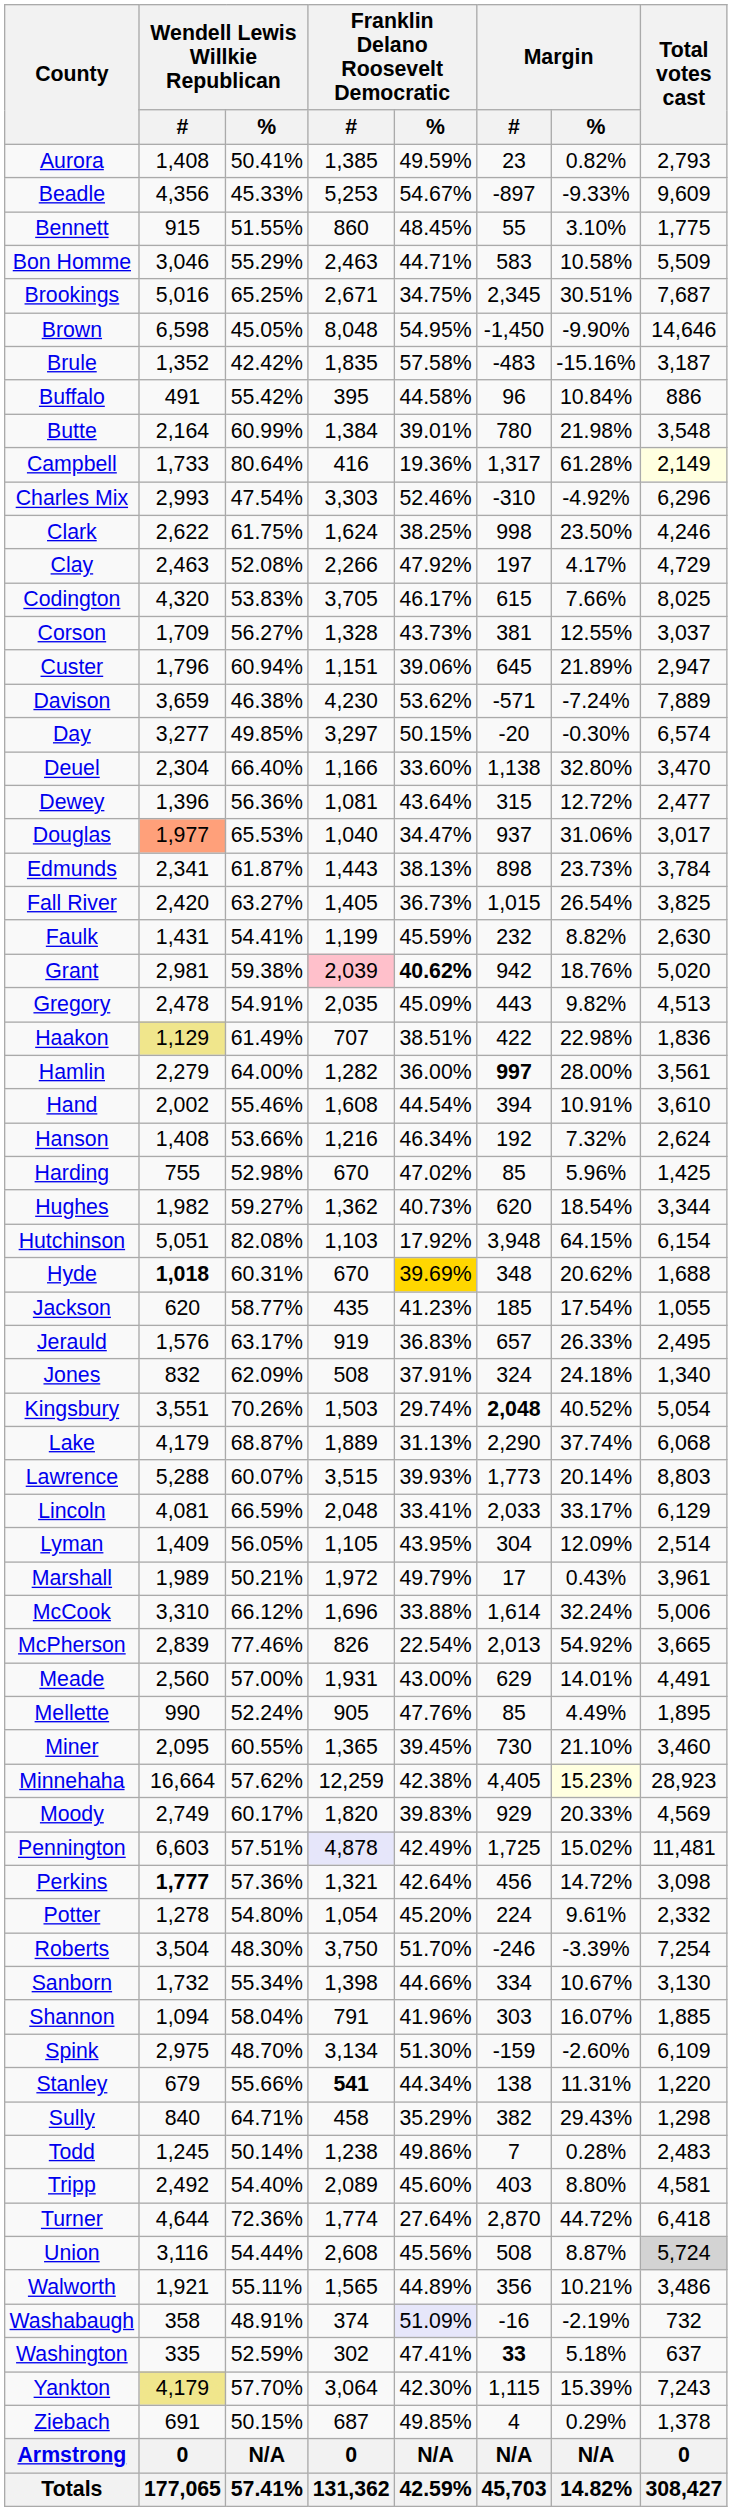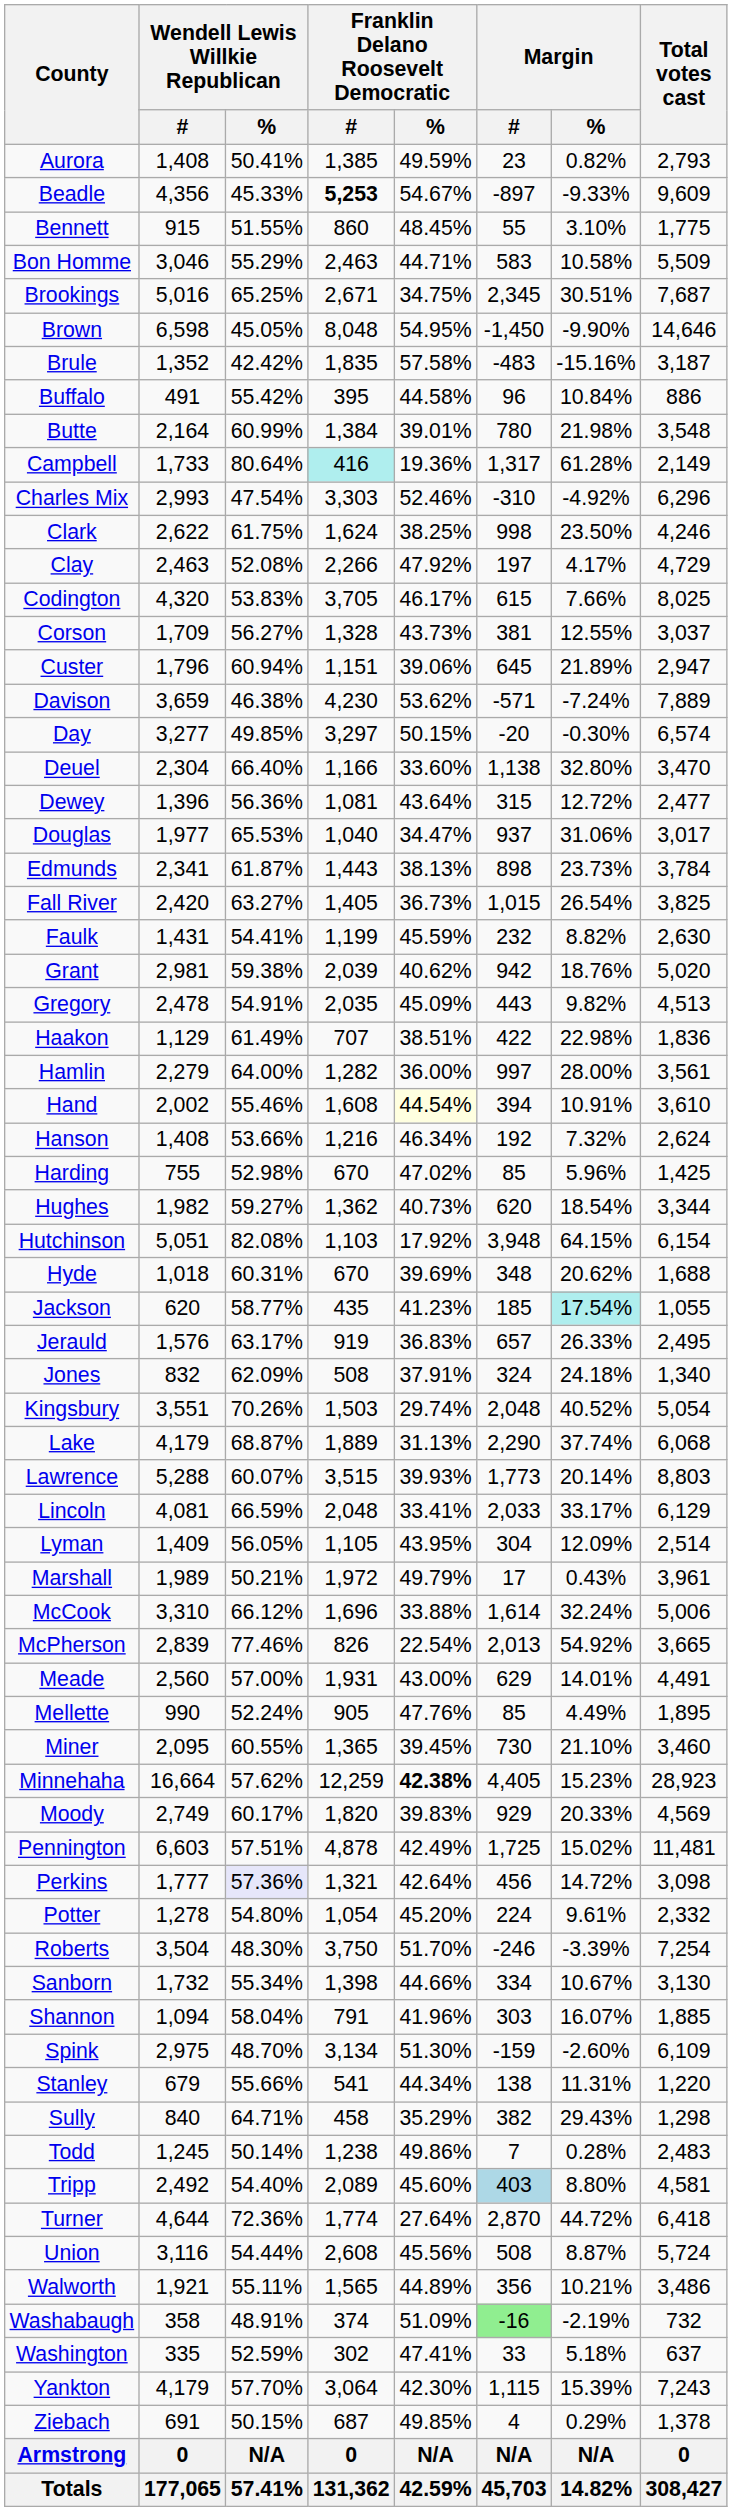 <table class="wikitable sortable" width="65%">
 <tr>
 <th rowspan="2">County</th>
 <th colspan="2">Wendell Lewis Willkie<br>Republican</th>
 <th colspan="2">Franklin Delano Roosevelt<br>Democratic</th>
 <th colspan="2">Margin</th>
 <th rowspan="2">Total votes cast</th>
 </tr>
 <tr style="text-align:center;">
 <th data-sort-type="number">#</th>
 <th data-sort-type="number">%</th>
 <th data-sort-type="number">#</th>
 <th data-sort-type="number">%</th>
 <th data-sort-type="number">#</th>
 <th data-sort-type="number">%</th>
 </tr>
 <tr style="text-align:center;">
 <td><a href='#'>Aurora</a></td>
 <td>1,408</td>
 <td>50.41%</td>
 <td>1,385</td>
 <td>49.59%</td>
 <td>23</td>
 <td>0.82%</td>
 <td>2,793</td>
 </tr>
 <tr style="text-align:center;">
 <td><a href='#'>Beadle</a></td>
 <td>4,356</td>
 <td>45.33%</td>
-<td>5,253</td>
+<td><strong>5,253</strong></td>
 <td>54.67%</td>
 <td>-897</td>
 <td>-9.33%</td>
 <td>9,609</td>
 </tr>
 <tr style="text-align:center;">
 <td><a href='#'>Bennett</a></td>
 <td>915</td>
 <td>51.55%</td>
 <td>860</td>
 <td>48.45%</td>
 <td>55</td>
 <td>3.10%</td>
 <td>1,775</td>
 </tr>
 <tr style="text-align:center;">
 <td><a href='#'>Bon Homme</a></td>
 <td>3,046</td>
 <td>55.29%</td>
 <td>2,463</td>
 <td>44.71%</td>
 <td>583</td>
 <td>10.58%</td>
 <td>5,509</td>
 </tr>
 <tr style="text-align:center;">
 <td><a href='#'>Brookings</a></td>
 <td>5,016</td>
 <td>65.25%</td>
 <td>2,671</td>
 <td>34.75%</td>
 <td>2,345</td>
 <td>30.51%</td>
 <td>7,687</td>
 </tr>
 <tr style="text-align:center;">
 <td><a href='#'>Brown</a></td>
 <td>6,598</td>
 <td>45.05%</td>
 <td>8,048</td>
 <td>54.95%</td>
 <td>-1,450</td>
 <td>-9.90%</td>
 <td>14,646</td>
 </tr>
 <tr style="text-align:center;">
 <td><a href='#'>Brule</a></td>
 <td>1,352</td>
 <td>42.42%</td>
 <td>1,835</td>
 <td>57.58%</td>
 <td>-483</td>
 <td>-15.16%</td>
 <td>3,187</td>
 </tr>
 <tr style="text-align:center;">
 <td><a href='#'>Buffalo</a></td>
 <td>491</td>
 <td>55.42%</td>
 <td>395</td>
 <td>44.58%</td>
 <td>96</td>
 <td>10.84%</td>
 <td>886</td>
 </tr>
 <tr style="text-align:center;">
 <td><a href='#'>Butte</a></td>
 <td>2,164</td>
 <td>60.99%</td>
 <td>1,384</td>
 <td>39.01%</td>
 <td>780</td>
 <td>21.98%</td>
 <td>3,548</td>
 </tr>
 <tr style="text-align:center;">
 <td><a href='#'>Campbell</a></td>
 <td>1,733</td>
 <td>80.64%</td>
-<td>416</td>
+<td style="background: paleturquoise;">416</td>
 <td>19.36%</td>
 <td>1,317</td>
 <td>61.28%</td>
-<td style="background: lightyellow;">2,149</td>
+<td>2,149</td>
 </tr>
 <tr style="text-align:center;">
 <td><a href='#'>Charles Mix</a></td>
 <td>2,993</td>
 <td>47.54%</td>
 <td>3,303</td>
 <td>52.46%</td>
 <td>-310</td>
 <td>-4.92%</td>
 <td>6,296</td>
 </tr>
 <tr style="text-align:center;">
 <td><a href='#'>Clark</a></td>
 <td>2,622</td>
 <td>61.75%</td>
 <td>1,624</td>
 <td>38.25%</td>
 <td>998</td>
 <td>23.50%</td>
 <td>4,246</td>
 </tr>
 <tr style="text-align:center;">
 <td><a href='#'>Clay</a></td>
 <td>2,463</td>
 <td>52.08%</td>
 <td>2,266</td>
 <td>47.92%</td>
 <td>197</td>
 <td>4.17%</td>
 <td>4,729</td>
 </tr>
 <tr style="text-align:center;">
 <td><a href='#'>Codington</a></td>
 <td>4,320</td>
 <td>53.83%</td>
 <td>3,705</td>
 <td>46.17%</td>
 <td>615</td>
 <td>7.66%</td>
 <td>8,025</td>
 </tr>
 <tr style="text-align:center;">
 <td><a href='#'>Corson</a></td>
 <td>1,709</td>
 <td>56.27%</td>
 <td>1,328</td>
 <td>43.73%</td>
 <td>381</td>
 <td>12.55%</td>
 <td>3,037</td>
 </tr>
 <tr style="text-align:center;">
 <td><a href='#'>Custer</a></td>
 <td>1,796</td>
 <td>60.94%</td>
 <td>1,151</td>
 <td>39.06%</td>
 <td>645</td>
 <td>21.89%</td>
 <td>2,947</td>
 </tr>
 <tr style="text-align:center;">
 <td><a href='#'>Davison</a></td>
 <td>3,659</td>
 <td>46.38%</td>
 <td>4,230</td>
 <td>53.62%</td>
 <td>-571</td>
 <td>-7.24%</td>
 <td>7,889</td>
 </tr>
 <tr style="text-align:center;">
 <td><a href='#'>Day</a></td>
 <td>3,277</td>
 <td>49.85%</td>
 <td>3,297</td>
 <td>50.15%</td>
 <td>-20</td>
 <td>-0.30%</td>
 <td>6,574</td>
 </tr>
 <tr style="text-align:center;">
 <td><a href='#'>Deuel</a></td>
 <td>2,304</td>
 <td>66.40%</td>
 <td>1,166</td>
 <td>33.60%</td>
 <td>1,138</td>
 <td>32.80%</td>
 <td>3,470</td>
 </tr>
 <tr style="text-align:center;">
 <td><a href='#'>Dewey</a></td>
 <td>1,396</td>
 <td>56.36%</td>
 <td>1,081</td>
 <td>43.64%</td>
 <td>315</td>
 <td>12.72%</td>
 <td>2,477</td>
 </tr>
 <tr style="text-align:center;">
 <td><a href='#'>Douglas</a></td>
-<td style="background: lightsalmon;">1,977</td>
+<td>1,977</td>
 <td>65.53%</td>
 <td>1,040</td>
 <td>34.47%</td>
 <td>937</td>
 <td>31.06%</td>
 <td>3,017</td>
 </tr>
 <tr style="text-align:center;">
 <td><a href='#'>Edmunds</a></td>
 <td>2,341</td>
 <td>61.87%</td>
 <td>1,443</td>
 <td>38.13%</td>
 <td>898</td>
 <td>23.73%</td>
 <td>3,784</td>
 </tr>
 <tr style="text-align:center;">
 <td><a href='#'>Fall River</a></td>
 <td>2,420</td>
 <td>63.27%</td>
 <td>1,405</td>
 <td>36.73%</td>
 <td>1,015</td>
 <td>26.54%</td>
 <td>3,825</td>
 </tr>
 <tr style="text-align:center;">
 <td><a href='#'>Faulk</a></td>
 <td>1,431</td>
 <td>54.41%</td>
 <td>1,199</td>
 <td>45.59%</td>
 <td>232</td>
 <td>8.82%</td>
 <td>2,630</td>
 </tr>
 <tr style="text-align:center;">
 <td><a href='#'>Grant</a></td>
 <td>2,981</td>
 <td>59.38%</td>
-<td style="background: pink;">2,039</td>
-<td><strong>40.62%</strong></td>
+<td>2,039</td>
+<td>40.62%</td>
 <td>942</td>
 <td>18.76%</td>
 <td>5,020</td>
 </tr>
 <tr style="text-align:center;">
 <td><a href='#'>Gregory</a></td>
 <td>2,478</td>
 <td>54.91%</td>
 <td>2,035</td>
 <td>45.09%</td>
 <td>443</td>
 <td>9.82%</td>
 <td>4,513</td>
 </tr>
 <tr style="text-align:center;">
 <td><a href='#'>Haakon</a></td>
-<td style="background: khaki;">1,129</td>
+<td>1,129</td>
 <td>61.49%</td>
 <td>707</td>
 <td>38.51%</td>
 <td>422</td>
 <td>22.98%</td>
 <td>1,836</td>
 </tr>
 <tr style="text-align:center;">
 <td><a href='#'>Hamlin</a></td>
 <td>2,279</td>
 <td>64.00%</td>
 <td>1,282</td>
 <td>36.00%</td>
-<td><strong>997</strong></td>
+<td>997</td>
 <td>28.00%</td>
 <td>3,561</td>
 </tr>
 <tr style="text-align:center;">
 <td><a href='#'>Hand</a></td>
 <td>2,002</td>
 <td>55.46%</td>
 <td>1,608</td>
-<td>44.54%</td>
+<td style="background: lightyellow;">44.54%</td>
 <td>394</td>
 <td>10.91%</td>
 <td>3,610</td>
 </tr>
 <tr style="text-align:center;">
 <td><a href='#'>Hanson</a></td>
 <td>1,408</td>
 <td>53.66%</td>
 <td>1,216</td>
 <td>46.34%</td>
 <td>192</td>
 <td>7.32%</td>
 <td>2,624</td>
 </tr>
 <tr style="text-align:center;">
 <td><a href='#'>Harding</a></td>
 <td>755</td>
 <td>52.98%</td>
 <td>670</td>
 <td>47.02%</td>
 <td>85</td>
 <td>5.96%</td>
 <td>1,425</td>
 </tr>
 <tr style="text-align:center;">
 <td><a href='#'>Hughes</a></td>
 <td>1,982</td>
 <td>59.27%</td>
 <td>1,362</td>
 <td>40.73%</td>
 <td>620</td>
 <td>18.54%</td>
 <td>3,344</td>
 </tr>
 <tr style="text-align:center;">
 <td><a href='#'>Hutchinson</a></td>
 <td>5,051</td>
 <td>82.08%</td>
 <td>1,103</td>
 <td>17.92%</td>
 <td>3,948</td>
 <td>64.15%</td>
 <td>6,154</td>
 </tr>
 <tr style="text-align:center;">
 <td><a href='#'>Hyde</a></td>
-<td><strong>1,018</strong></td>
+<td>1,018</td>
 <td>60.31%</td>
 <td>670</td>
-<td style="background: gold;">39.69%</td>
+<td>39.69%</td>
 <td>348</td>
 <td>20.62%</td>
 <td>1,688</td>
 </tr>
 <tr style="text-align:center;">
 <td><a href='#'>Jackson</a></td>
 <td>620</td>
 <td>58.77%</td>
 <td>435</td>
 <td>41.23%</td>
 <td>185</td>
-<td>17.54%</td>
+<td style="background: paleturquoise;">17.54%</td>
 <td>1,055</td>
 </tr>
 <tr style="text-align:center;">
 <td><a href='#'>Jerauld</a></td>
 <td>1,576</td>
 <td>63.17%</td>
 <td>919</td>
 <td>36.83%</td>
 <td>657</td>
 <td>26.33%</td>
 <td>2,495</td>
 </tr>
 <tr style="text-align:center;">
 <td><a href='#'>Jones</a></td>
 <td>832</td>
 <td>62.09%</td>
 <td>508</td>
 <td>37.91%</td>
 <td>324</td>
 <td>24.18%</td>
 <td>1,340</td>
 </tr>
 <tr style="text-align:center;">
 <td><a href='#'>Kingsbury</a></td>
 <td>3,551</td>
 <td>70.26%</td>
 <td>1,503</td>
 <td>29.74%</td>
-<td><strong>2,048</strong></td>
+<td>2,048</td>
 <td>40.52%</td>
 <td>5,054</td>
 </tr>
 <tr style="text-align:center;">
 <td><a href='#'>Lake</a></td>
 <td>4,179</td>
 <td>68.87%</td>
 <td>1,889</td>
 <td>31.13%</td>
 <td>2,290</td>
 <td>37.74%</td>
 <td>6,068</td>
 </tr>
 <tr style="text-align:center;">
 <td><a href='#'>Lawrence</a></td>
 <td>5,288</td>
 <td>60.07%</td>
 <td>3,515</td>
 <td>39.93%</td>
 <td>1,773</td>
 <td>20.14%</td>
 <td>8,803</td>
 </tr>
 <tr style="text-align:center;">
 <td><a href='#'>Lincoln</a></td>
 <td>4,081</td>
 <td>66.59%</td>
 <td>2,048</td>
 <td>33.41%</td>
 <td>2,033</td>
 <td>33.17%</td>
 <td>6,129</td>
 </tr>
 <tr style="text-align:center;">
 <td><a href='#'>Lyman</a></td>
 <td>1,409</td>
 <td>56.05%</td>
 <td>1,105</td>
 <td>43.95%</td>
 <td>304</td>
 <td>12.09%</td>
 <td>2,514</td>
 </tr>
 <tr style="text-align:center;">
 <td><a href='#'>Marshall</a></td>
 <td>1,989</td>
 <td>50.21%</td>
 <td>1,972</td>
 <td>49.79%</td>
 <td>17</td>
 <td>0.43%</td>
 <td>3,961</td>
 </tr>
 <tr style="text-align:center;">
 <td><a href='#'>McCook</a></td>
 <td>3,310</td>
 <td>66.12%</td>
 <td>1,696</td>
 <td>33.88%</td>
 <td>1,614</td>
 <td>32.24%</td>
 <td>5,006</td>
 </tr>
 <tr style="text-align:center;">
 <td><a href='#'>McPherson</a></td>
 <td>2,839</td>
 <td>77.46%</td>
 <td>826</td>
 <td>22.54%</td>
 <td>2,013</td>
 <td>54.92%</td>
 <td>3,665</td>
 </tr>
 <tr style="text-align:center;">
 <td><a href='#'>Meade</a></td>
 <td>2,560</td>
 <td>57.00%</td>
 <td>1,931</td>
 <td>43.00%</td>
 <td>629</td>
 <td>14.01%</td>
 <td>4,491</td>
 </tr>
 <tr style="text-align:center;">
 <td><a href='#'>Mellette</a></td>
 <td>990</td>
 <td>52.24%</td>
 <td>905</td>
 <td>47.76%</td>
 <td>85</td>
 <td>4.49%</td>
 <td>1,895</td>
 </tr>
 <tr style="text-align:center;">
 <td><a href='#'>Miner</a></td>
 <td>2,095</td>
 <td>60.55%</td>
 <td>1,365</td>
 <td>39.45%</td>
 <td>730</td>
 <td>21.10%</td>
 <td>3,460</td>
 </tr>
 <tr style="text-align:center;">
 <td><a href='#'>Minnehaha</a></td>
 <td>16,664</td>
 <td>57.62%</td>
 <td>12,259</td>
-<td>42.38%</td>
+<td><strong>42.38%</strong></td>
 <td>4,405</td>
-<td style="background: lightyellow;">15.23%</td>
+<td>15.23%</td>
 <td>28,923</td>
 </tr>
 <tr style="text-align:center;">
 <td><a href='#'>Moody</a></td>
 <td>2,749</td>
 <td>60.17%</td>
 <td>1,820</td>
 <td>39.83%</td>
 <td>929</td>
 <td>20.33%</td>
 <td>4,569</td>
 </tr>
 <tr style="text-align:center;">
 <td><a href='#'>Pennington</a></td>
 <td>6,603</td>
 <td>57.51%</td>
-<td style="background: lavender;">4,878</td>
+<td>4,878</td>
 <td>42.49%</td>
 <td>1,725</td>
 <td>15.02%</td>
 <td>11,481</td>
 </tr>
 <tr style="text-align:center;">
 <td><a href='#'>Perkins</a></td>
-<td><strong>1,777</strong></td>
-<td>57.36%</td>
+<td>1,777</td>
+<td style="background: lavender;">57.36%</td>
 <td>1,321</td>
 <td>42.64%</td>
 <td>456</td>
 <td>14.72%</td>
 <td>3,098</td>
 </tr>
 <tr style="text-align:center;">
 <td><a href='#'>Potter</a></td>
 <td>1,278</td>
 <td>54.80%</td>
 <td>1,054</td>
 <td>45.20%</td>
 <td>224</td>
 <td>9.61%</td>
 <td>2,332</td>
 </tr>
 <tr style="text-align:center;">
 <td><a href='#'>Roberts</a></td>
 <td>3,504</td>
 <td>48.30%</td>
 <td>3,750</td>
 <td>51.70%</td>
 <td>-246</td>
 <td>-3.39%</td>
 <td>7,254</td>
 </tr>
 <tr style="text-align:center;">
 <td><a href='#'>Sanborn</a></td>
 <td>1,732</td>
 <td>55.34%</td>
 <td>1,398</td>
 <td>44.66%</td>
 <td>334</td>
 <td>10.67%</td>
 <td>3,130</td>
 </tr>
 <tr style="text-align:center;">
 <td><a href='#'>Shannon</a></td>
 <td>1,094</td>
 <td>58.04%</td>
 <td>791</td>
 <td>41.96%</td>
 <td>303</td>
 <td>16.07%</td>
 <td>1,885</td>
 </tr>
 <tr style="text-align:center;">
 <td><a href='#'>Spink</a></td>
 <td>2,975</td>
 <td>48.70%</td>
 <td>3,134</td>
 <td>51.30%</td>
 <td>-159</td>
 <td>-2.60%</td>
 <td>6,109</td>
 </tr>
 <tr style="text-align:center;">
 <td><a href='#'>Stanley</a></td>
 <td>679</td>
 <td>55.66%</td>
-<td><strong>541</strong></td>
+<td>541</td>
 <td>44.34%</td>
 <td>138</td>
 <td>11.31%</td>
 <td>1,220</td>
 </tr>
 <tr style="text-align:center;">
 <td><a href='#'>Sully</a></td>
 <td>840</td>
 <td>64.71%</td>
 <td>458</td>
 <td>35.29%</td>
 <td>382</td>
 <td>29.43%</td>
 <td>1,298</td>
 </tr>
 <tr style="text-align:center;">
 <td><a href='#'>Todd</a></td>
 <td>1,245</td>
 <td>50.14%</td>
 <td>1,238</td>
 <td>49.86%</td>
 <td>7</td>
 <td>0.28%</td>
 <td>2,483</td>
 </tr>
 <tr style="text-align:center;">
 <td><a href='#'>Tripp</a></td>
 <td>2,492</td>
 <td>54.40%</td>
 <td>2,089</td>
 <td>45.60%</td>
-<td>403</td>
+<td style="background: lightblue;">403</td>
 <td>8.80%</td>
 <td>4,581</td>
 </tr>
 <tr style="text-align:center;">
 <td><a href='#'>Turner</a></td>
 <td>4,644</td>
 <td>72.36%</td>
 <td>1,774</td>
 <td>27.64%</td>
 <td>2,870</td>
 <td>44.72%</td>
 <td>6,418</td>
 </tr>
 <tr style="text-align:center;">
 <td><a href='#'>Union</a></td>
 <td>3,116</td>
 <td>54.44%</td>
 <td>2,608</td>
 <td>45.56%</td>
 <td>508</td>
 <td>8.87%</td>
-<td style="background: lightgrey;">5,724</td>
+<td>5,724</td>
 </tr>
 <tr style="text-align:center;">
 <td><a href='#'>Walworth</a></td>
 <td>1,921</td>
 <td>55.11%</td>
 <td>1,565</td>
 <td>44.89%</td>
 <td>356</td>
 <td>10.21%</td>
 <td>3,486</td>
 </tr>
 <tr style="text-align:center;">
 <td><a href='#'>Washabaugh</a></td>
 <td>358</td>
 <td>48.91%</td>
 <td>374</td>
-<td style="background: lavender;">51.09%</td>
-<td>-16</td>
+<td>51.09%</td>
+<td style="background: lightgreen;">-16</td>
 <td>-2.19%</td>
 <td>732</td>
 </tr>
 <tr style="text-align:center;">
 <td><a href='#'>Washington</a></td>
 <td>335</td>
 <td>52.59%</td>
 <td>302</td>
 <td>47.41%</td>
-<td><strong>33</strong></td>
+<td>33</td>
 <td>5.18%</td>
 <td>637</td>
 </tr>
 <tr style="text-align:center;">
 <td><a href='#'>Yankton</a></td>
-<td style="background: khaki;">4,179</td>
+<td>4,179</td>
 <td>57.70%</td>
 <td>3,064</td>
 <td>42.30%</td>
 <td>1,115</td>
 <td>15.39%</td>
 <td>7,243</td>
 </tr>
 <tr style="text-align:center;">
 <td><a href='#'>Ziebach</a></td>
 <td>691</td>
 <td>50.15%</td>
 <td>687</td>
 <td>49.85%</td>
 <td>4</td>
 <td>0.29%</td>
 <td>1,378</td>
 </tr>
 <tr style="text-align:center;">
 <th><a href='#'>Armstrong</a></th>
 <th>0</th>
 <th>N/A</th>
 <th>0</th>
 <th>N/A</th>
 <th>N/A</th>
 <th>N/A</th>
 <th>0</th>
 </tr>
 <tr style="text-align:center;">
 <th>Totals</th>
 <th>177,065</th>
 <th>57.41%</th>
 <th>131,362</th>
 <th>42.59%</th>
 <th>45,703</th>
 <th>14.82%</th>
 <th>308,427</th>
 </tr>
 </table>
